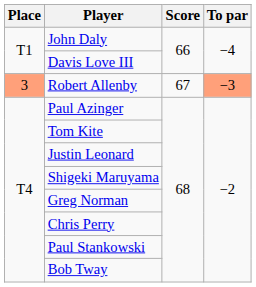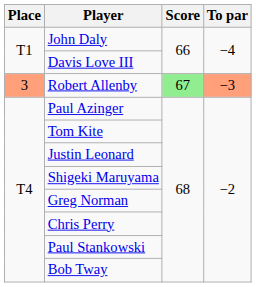 <table class="wikitable">
 <tr>
 <th>Place</th>
 <th>Player</th>
 <th>Score</th>
 <th>To par</th>
 </tr>
 <tr>
 <td rowspan="2" align=center>T1</td>
 <td> <a href='#'>John Daly</a></td>
 <td rowspan="2" align=center>66</td>
 <td rowspan="2" align=center>−4</td>
 </tr>
 <tr>
 <td> <a href='#'>Davis Love III</a></td>
 </tr>
 <tr>
 <td align=center style="background: lightsalmon;">3</td>
 <td> <a href='#'>Robert Allenby</a></td>
-<td align=center>67</td>
+<td align=center style="background: lightgreen;">67</td>
 <td align=center style="background: lightsalmon;">−3</td>
 </tr>
 <tr>
 <td rowspan="8" align=center>T4</td>
 <td> <a href='#'>Paul Azinger</a></td>
 <td rowspan="8" align=center>68</td>
 <td rowspan="8" align=center>−2</td>
 </tr>
 <tr>
 <td> <a href='#'>Tom Kite</a></td>
 </tr>
 <tr>
 <td> <a href='#'>Justin Leonard</a></td>
 </tr>
 <tr>
 <td> <a href='#'>Shigeki Maruyama</a></td>
 </tr>
 <tr>
 <td> <a href='#'>Greg Norman</a></td>
 </tr>
 <tr>
 <td> <a href='#'>Chris Perry</a></td>
 </tr>
 <tr>
 <td> <a href='#'>Paul Stankowski</a></td>
 </tr>
 <tr>
 <td> <a href='#'>Bob Tway</a></td>
 </tr>
 </table>
